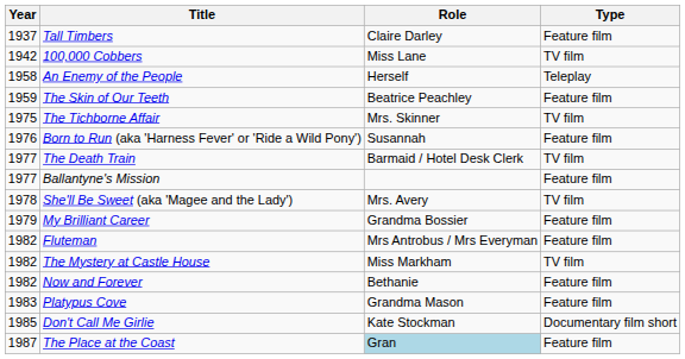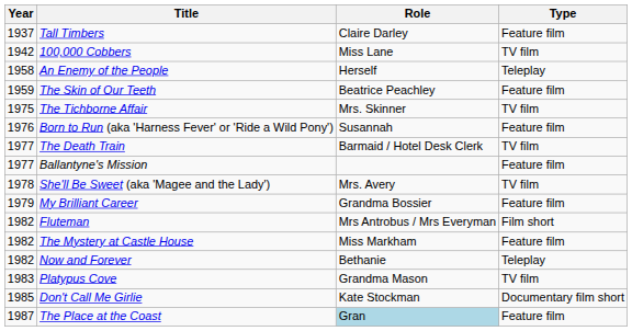 <table class="wikitable">
 <tr>
 <th>Year</th>
 <th>Title</th>
 <th>Role</th>
 <th>Type</th>
 </tr>
 <tr>
 <td>1937</td>
 <td><em><a href='#'>Tall Timbers</a></em></td>
 <td>Claire Darley</td>
 <td>Feature film</td>
 </tr>
 <tr>
 <td>1942</td>
 <td><em><a href='#'>100,000 Cobbers</a></em></td>
 <td>Miss Lane</td>
 <td>TV film</td>
 </tr>
 <tr>
 <td>1958</td>
 <td><em><a href='#'>An Enemy of the People</a></em></td>
 <td>Herself</td>
 <td>Teleplay</td>
 </tr>
 <tr>
 <td>1959</td>
 <td><em><a href='#'>The Skin of Our Teeth</a></em></td>
 <td>Beatrice Peachley</td>
 <td>Feature film</td>
 </tr>
 <tr>
 <td>1975</td>
 <td><em><a href='#'>The Tichborne Affair</a></em></td>
 <td>Mrs. Skinner</td>
 <td>TV film</td>
 </tr>
 <tr>
 <td>1976</td>
 <td><em><a href='#'>Born to Run</a></em> (aka 'Harness Fever' or 'Ride a Wild Pony')</td>
 <td>Susannah</td>
 <td>Feature film</td>
 </tr>
 <tr>
 <td>1977</td>
 <td><em><a href='#'>The Death Train</a></em></td>
 <td>Barmaid / Hotel Desk Clerk</td>
 <td>TV film</td>
 </tr>
 <tr>
 <td>1977</td>
 <td><em>Ballantyne's Mission</em></td>
 <td></td>
 <td>Feature film</td>
 </tr>
 <tr>
 <td>1978</td>
 <td><em><a href='#'>She'll Be Sweet</a></em> (aka 'Magee and the Lady')</td>
 <td>Mrs. Avery</td>
 <td>TV film</td>
 </tr>
 <tr>
 <td>1979</td>
 <td><em><a href='#'>My Brilliant Career</a></em></td>
 <td>Grandma Bossier</td>
 <td>Feature film</td>
 </tr>
 <tr>
 <td>1982</td>
 <td><em><a href='#'>Fluteman</a></em></td>
 <td>Mrs Antrobus / Mrs Everyman</td>
-<td>Feature film</td>
+<td>Film short</td>
 </tr>
 <tr>
 <td>1982</td>
 <td><em><a href='#'>The Mystery at Castle House</a></em></td>
 <td>Miss Markham</td>
-<td>TV film</td>
+<td>Feature film</td>
 </tr>
 <tr>
 <td>1982</td>
 <td><em><a href='#'>Now and Forever</a></em></td>
 <td>Bethanie</td>
-<td>Feature film</td>
+<td>Teleplay</td>
 </tr>
 <tr>
 <td>1983</td>
 <td><em><a href='#'>Platypus Cove</a></em></td>
 <td>Grandma Mason</td>
-<td>Feature film</td>
+<td>TV film</td>
 </tr>
 <tr>
 <td>1985</td>
 <td><em><a href='#'>Don't Call Me Girlie</a></em></td>
 <td>Kate Stockman</td>
 <td>Documentary film short</td>
 </tr>
 <tr>
 <td>1987</td>
 <td><em><a href='#'>The Place at the Coast</a></em></td>
 <td style="background: lightblue;">Gran</td>
 <td>Feature film</td>
 </tr>
 </table>
